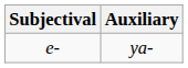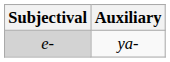 <table class="wikitable" style="text-align: center">
 <tr>
 <th>Subjectival</th>
 <th>Auxiliary</th>
 </tr>
 <tr>
-<td> <em>e-</em></td>
+<td style="background: lightgrey;"> <em>e-</em></td>
 <td> <em>ya-</em></td>
 </tr>
 </table>
